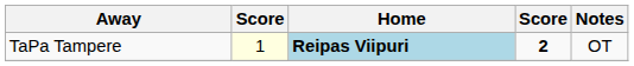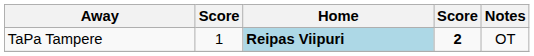 <table class="wikitable">
 <tr>
 <th width="200">Away</th>
 <th width="40">Score</th>
 <th width="200">Home</th>
 <th width="40">Score</th>
 <th>Notes</th>
 </tr>
 <tr>
 <td>TaPa Tampere</td>
-<td align=center style="background: lightyellow;">1</td>
+<td align=center>1</td>
 <td style="background: lightblue;"><strong>Reipas Viipuri</strong></td>
 <td align=center><strong>2</strong></td>
 <td align="center">OT</td>
 </tr>
 <tr>
 </tr>
 </table>
